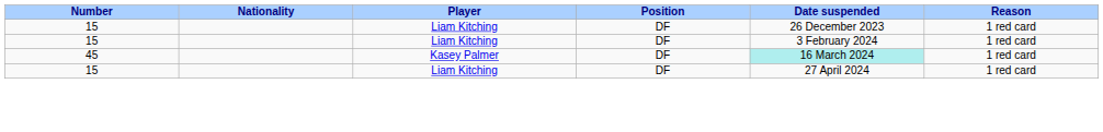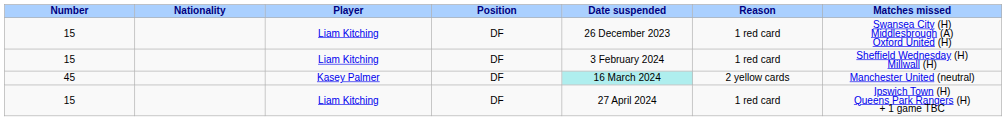 <table class="wikitable sortable alternance" style="font-size:100%; text-align:center; line-height:14px; width:100%;">
 <tr>
 <th style="background:#AAD0FF; color:#000080; width:100px;">Number</th>
 <th style="background:#AAD0FF; color:#000080; width:100px;">Nationality</th>
 <th style="background:#AAD0FF; color:#000080; width:130px;">Player</th>
 <th style="background:#AAD0FF; color:#000080; width:100px;">Position</th>
 <th style="background:#AAD0FF; color:#000080; width:100px;">Date suspended</th>
 <th style="background:#AAD0FF; color:#000080; width:100px;">Reason</th>
+<th style="background:#AAD0FF; color:#000080; width:140px;">Matches missed</th>
 </tr>
 <tr>
 <td>15</td>
 <td></td>
 <td><a href='#'>Liam Kitching</a></td>
 <td>DF</td>
 <td>26 December 2023</td>
 <td>1 red card</td>
+<td><a href='#'>Swansea City</a> (H)<br><a href='#'>Middlesbrough</a> (A)<br><a href='#'>Oxford United</a> (H)</td>
 </tr>
 <tr>
 <td>15</td>
 <td></td>
 <td><a href='#'>Liam Kitching</a></td>
 <td>DF</td>
 <td>3 February 2024</td>
 <td>1 red card</td>
+<td><a href='#'>Sheffield Wednesday</a> (H)<br><a href='#'>Millwall</a> (H)</td>
 </tr>
 <tr>
 <td>45</td>
 <td></td>
 <td><a href='#'>Kasey Palmer</a></td>
 <td>DF</td>
 <td style="background: paleturquoise;">16 March 2024</td>
-<td>1 red card</td>
+<td>2 yellow cards</td>
+<td><a href='#'>Manchester United</a> (neutral)</td>
 </tr>
 <tr>
 <td>15</td>
 <td></td>
 <td><a href='#'>Liam Kitching</a></td>
 <td>DF</td>
 <td>27 April 2024</td>
 <td>1 red card</td>
+<td><a href='#'>Ipswich Town</a> (H)<br><a href='#'>Queens Park Rangers</a> (H)<br>+ 1 game TBC</td>
 </tr>
 </table>
